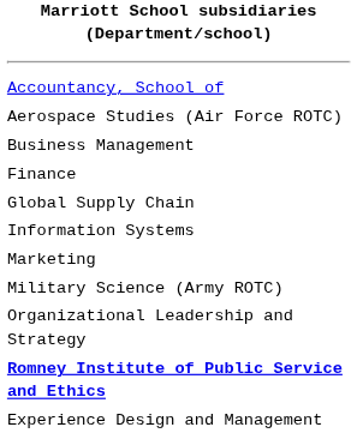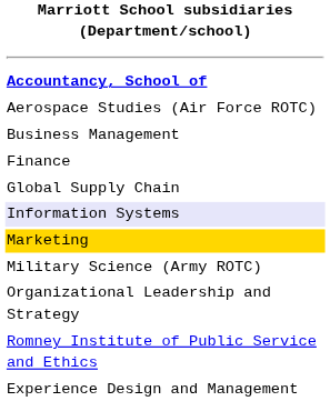 <table class="toccolours" style="float: right; margin-left: 1em; font-size: 90%; line-height: 1.4em;" width="250px">
 <tr>
 <th colspan="2" style="text-align: center;"><strong>Marriott School subsidiaries</strong><br><strong>(Department/school)</strong></th>
 </tr>
 <tr>
 <td colspan="2"><hr></td>
 </tr>
 <tr>
-<td><a href='#'>Accountancy, School of</a></td>
+<td><strong><a href='#'>Accountancy, School of</a></strong></td>
 </tr>
 <tr>
 <td>Aerospace Studies (Air Force ROTC)</td>
 </tr>
 <tr>
 <td>Business Management</td>
 </tr>
 <tr>
 <td>Finance</td>
 </tr>
 <tr>
 <td>Global Supply Chain</td>
 </tr>
 <tr>
-<td>Information Systems</td>
+<td style="background: lavender;">Information Systems</td>
 </tr>
 <tr>
-<td>Marketing</td>
+<td style="background: gold;">Marketing</td>
 </tr>
 <tr>
 <td>Military Science (Army ROTC)</td>
 </tr>
 <tr>
 <td>Organizational Leadership and Strategy</td>
 </tr>
 <tr>
-<td><strong><a href='#'>Romney Institute of Public Service and Ethics</a></strong></td>
+<td><a href='#'>Romney Institute of Public Service and Ethics</a></td>
 </tr>
 <tr>
 <td>Experience Design and Management</td>
 </tr>
 <tr>
 </tr>
 </table>
